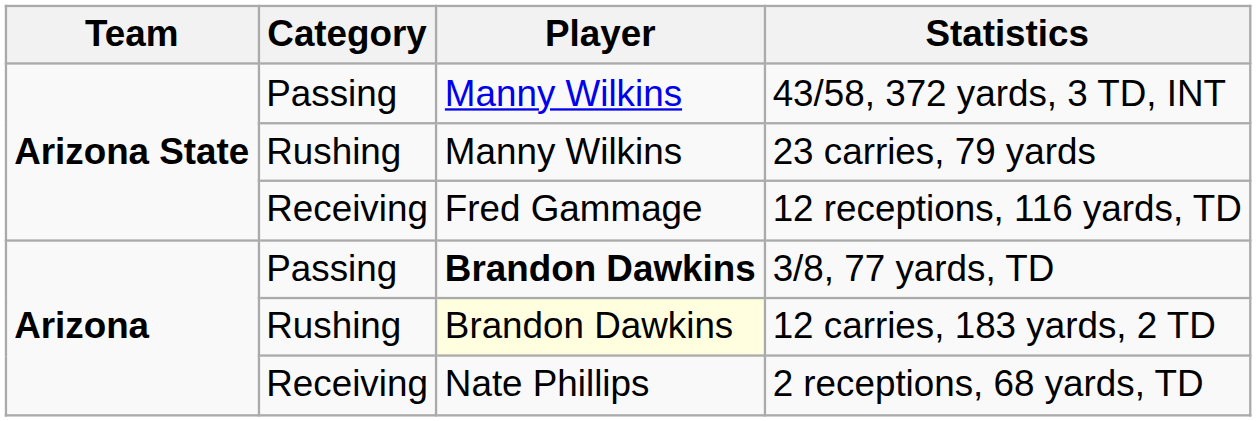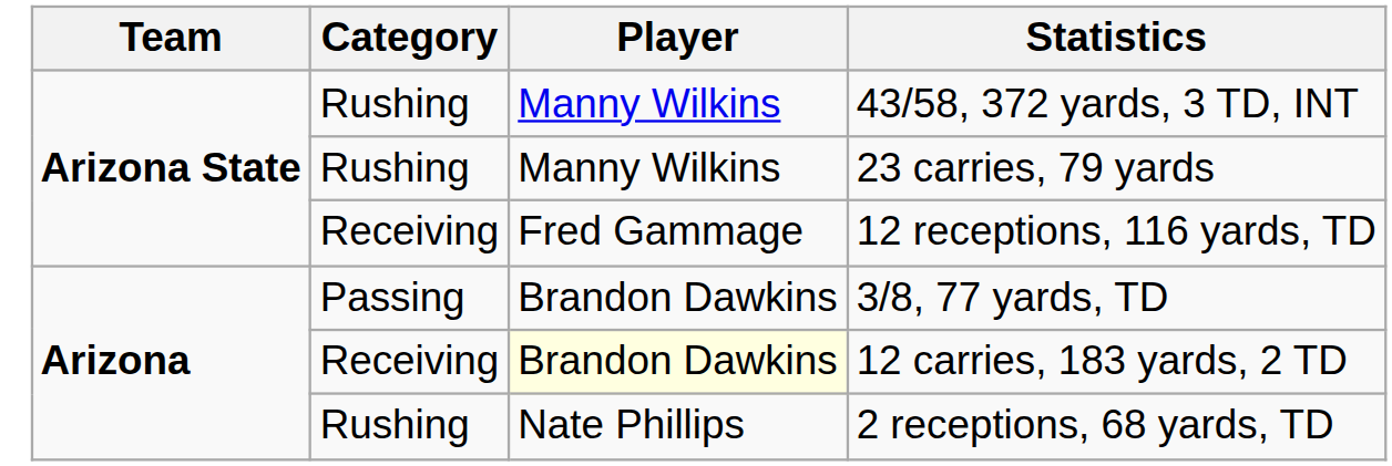 <table class="wikitable" style="float: right;">
 <tr>
 <th>Team</th>
 <th>Category</th>
 <th>Player</th>
 <th>Statistics</th>
 </tr>
 <tr>
 <td rowspan=3><strong>Arizona State</strong></td>
-<td>Passing</td>
+<td>Rushing</td>
 <td><a href='#'>Manny Wilkins</a></td>
 <td>43/58, 372 yards, 3 TD, INT</td>
 </tr>
 <tr>
 <td>Rushing</td>
 <td>Manny Wilkins</td>
 <td>23 carries, 79 yards</td>
 </tr>
 <tr>
 <td>Receiving</td>
 <td>Fred Gammage</td>
 <td>12 receptions, 116 yards, TD</td>
 </tr>
 <tr>
 <td rowspan=3><strong>Arizona</strong></td>
 <td>Passing</td>
-<td><strong>Brandon Dawkins</strong></td>
+<td>Brandon Dawkins</td>
 <td>3/8, 77 yards, TD</td>
 </tr>
 <tr>
-<td>Rushing</td>
+<td>Receiving</td>
 <td style="background: lightyellow;">Brandon Dawkins</td>
 <td>12 carries, 183 yards, 2 TD</td>
 </tr>
 <tr>
-<td>Receiving</td>
+<td>Rushing</td>
 <td>Nate Phillips</td>
 <td>2 receptions, 68 yards, TD</td>
 </tr>
 </table>
